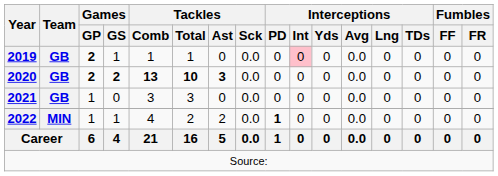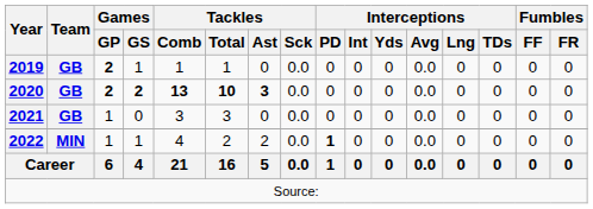 <table class="wikitable" style="text-align: center;">
 <tr>
 <th rowspan="2">Year</th>
 <th rowspan="2">Team</th>
 <th colspan="2">Games</th>
 <th colspan="4">Tackles</th>
 <th colspan="6">Interceptions</th>
 <th colspan="2">Fumbles</th>
 </tr>
 <tr>
 <th>GP</th>
 <th>GS</th>
 <th>Comb</th>
 <th>Total</th>
 <th>Ast</th>
 <th>Sck</th>
 <th>PD</th>
 <th>Int</th>
 <th>Yds</th>
 <th>Avg</th>
 <th>Lng</th>
 <th>TDs</th>
 <th>FF</th>
 <th>FR</th>
 </tr>
 <tr>
 <th><a href='#'>2019</a></th>
 <th><a href='#'>GB</a></th>
 <td><strong>2</strong></td>
 <td>1</td>
 <td>1</td>
 <td>1</td>
 <td>0</td>
 <td>0.0</td>
 <td>0</td>
-<td style="background: pink;">0</td>
+<td>0</td>
 <td>0</td>
 <td>0.0</td>
 <td>0</td>
 <td>0</td>
 <td>0</td>
 <td>0</td>
 </tr>
 <tr>
 <th><a href='#'>2020</a></th>
 <th><a href='#'>GB</a></th>
 <td><strong>2</strong></td>
 <td><strong>2</strong></td>
 <td><strong>13</strong></td>
 <td><strong>10</strong></td>
 <td><strong>3</strong></td>
 <td>0.0</td>
 <td>0</td>
 <td>0</td>
 <td>0</td>
 <td>0.0</td>
 <td>0</td>
 <td>0</td>
 <td>0</td>
 <td>0</td>
 </tr>
 <tr>
 <th><a href='#'>2021</a></th>
 <th><a href='#'>GB</a></th>
 <td>1</td>
 <td>0</td>
 <td>3</td>
 <td>3</td>
 <td>0</td>
 <td>0.0</td>
 <td>0</td>
 <td>0</td>
 <td>0</td>
 <td>0.0</td>
 <td>0</td>
 <td>0</td>
 <td>0</td>
 <td>0</td>
 </tr>
 <tr>
 </tr>
 <tr>
 <th><a href='#'>2022</a></th>
 <th><a href='#'>MIN</a></th>
 <td>1</td>
 <td>1</td>
 <td>4</td>
 <td>2</td>
 <td>2</td>
 <td>0.0</td>
 <td><strong>1</strong></td>
 <td>0</td>
 <td>0</td>
 <td>0.0</td>
 <td>0</td>
 <td>0</td>
 <td>0</td>
 <td>0</td>
 </tr>
 <tr>
 <th colspan="2">Career</th>
 <th>6</th>
 <th>4</th>
 <th>21</th>
 <th>16</th>
 <th>5</th>
 <th>0.0</th>
 <th>1</th>
 <th>0</th>
 <th>0</th>
 <th>0.0</th>
 <th>0</th>
 <th>0</th>
 <th>0</th>
 <th>0</th>
 </tr>
 <tr>
 <td colspan="17"><small>Source: </small></td>
 </tr>
 </table>
